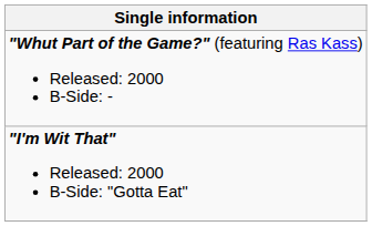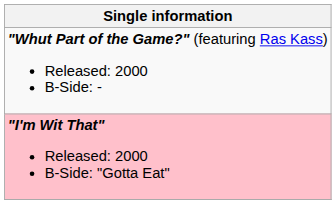 <table class="wikitable">
 <tr>
 <th>Single information</th>
 </tr>
 <tr>
 <td><strong><em>"Whut Part of the Game?"</em></strong> (featuring <a href='#'>Ras Kass</a>)<br><ul><li>Released: 2000</li><li>B-Side: -</li></ul></td>
 </tr>
 <tr>
-<td><strong><em>"I'm Wit That"</em></strong><br><ul><li>Released: 2000</li><li>B-Side: "Gotta Eat"</li></ul></td>
+<td style="background: pink;"><strong><em>"I'm Wit That"</em></strong><br><ul><li>Released: 2000</li><li>B-Side: "Gotta Eat"</li></ul></td>
 </tr>
 <tr>
 </tr>
 </table>
